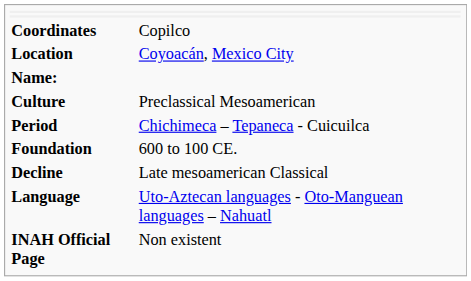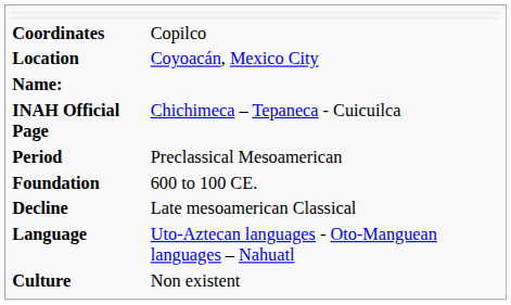 <table class="infobox" style="font-size:90%; text-align:left; width:28.5em">
 <tr>
 <td style="background:#efefef;" align="center" colspan="2"></td>
 </tr>
 <tr>
 <td style="background:#efefef;" align="center" colspan="2"></td>
 </tr>
 <tr>
 <td><strong>Coordinates</strong></td>
 <td>Copilco</td>
 </tr>
 <tr>
 <td><strong>Location</strong></td>
 <td><a href='#'>Coyoacán</a>,  <a href='#'>Mexico City</a><br></td>
 </tr>
 <tr>
 <td><strong>Name:</strong></td>
 <td></td>
 </tr>
 <tr>
-<td><strong>Culture</strong></td>
-<td>Preclassical Mesoamerican</td>
+<td><strong>INAH Official Page</strong></td>
+<td><a href='#'>Chichimeca</a> – <a href='#'>Tepaneca</a> - Cuicuilca</td>
 </tr>
 <tr>
 <td><strong>Period</strong></td>
-<td><a href='#'>Chichimeca</a> – <a href='#'>Tepaneca</a> - Cuicuilca</td>
+<td>Preclassical Mesoamerican</td>
 </tr>
 <tr>
 <td><strong>Foundation</strong></td>
 <td>600 to 100 CE.</td>
 </tr>
 <tr>
 <td><strong>Decline</strong></td>
 <td>Late mesoamerican Classical</td>
 </tr>
 <tr>
 <td><strong>Language</strong></td>
 <td><a href='#'>Uto-Aztecan languages</a>  - <a href='#'>Oto-Manguean languages</a> – <a href='#'>Nahuatl</a></td>
 </tr>
 <tr>
-<td><strong>INAH Official Page</strong></td>
+<td><strong>Culture</strong></td>
 <td>Non existent</td>
 </tr>
 </table>
